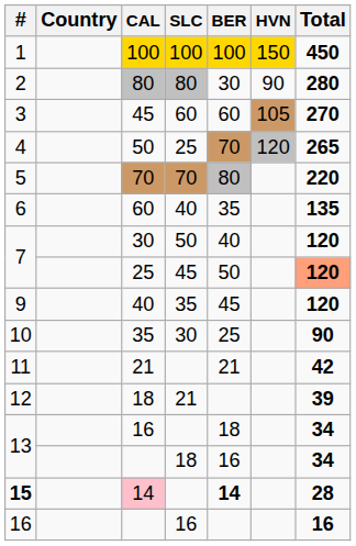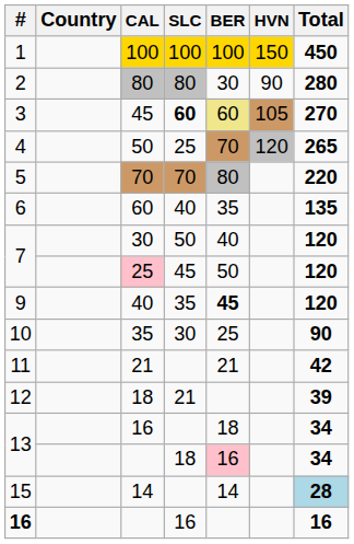 <table class="wikitable sortable" style="text-align:center;">
 <tr>
 <th>#</th>
 <th>Country</th>
 <th><small>CAL</small></th>
 <th><small>SLC</small></th>
 <th><small>BER</small></th>
 <th><small>HVN</small></th>
 <th>Total</th>
 </tr>
 <tr>
 <td>1</td>
 <td align=left></td>
 <td bgcolor=gold>100</td>
 <td bgcolor=gold>100</td>
 <td bgcolor=gold>100</td>
 <td bgcolor=gold>150</td>
 <td><strong>450</strong></td>
 </tr>
 <tr>
 <td>2</td>
 <td align=left></td>
 <td bgcolor=silver>80</td>
 <td bgcolor=silver>80</td>
 <td>30</td>
 <td>90</td>
 <td><strong>280</strong></td>
 </tr>
 <tr>
 <td>3</td>
 <td align=left></td>
 <td>45</td>
-<td>60</td>
-<td>60</td>
+<td><strong>60</strong></td>
+<td style="background: khaki;">60</td>
 <td bgcolor=cc9966>105</td>
 <td><strong>270</strong></td>
 </tr>
 <tr>
 <td>4</td>
 <td align=left></td>
 <td>50</td>
 <td>25</td>
 <td bgcolor=cc9966>70</td>
 <td bgcolor=silver>120</td>
 <td><strong>265</strong></td>
 </tr>
 <tr>
 <td>5</td>
 <td align=left></td>
 <td bgcolor=cc9966>70</td>
 <td bgcolor=cc9966>70</td>
 <td bgcolor=silver>80</td>
 <td></td>
 <td><strong>220</strong></td>
 </tr>
 <tr>
 <td>6</td>
 <td align=left></td>
 <td>60</td>
 <td>40</td>
 <td>35</td>
 <td></td>
 <td><strong>135</strong></td>
 </tr>
 <tr>
 <td rowspan=2>7</td>
 <td align=left></td>
 <td>30</td>
 <td>50</td>
 <td>40</td>
 <td></td>
 <td><strong>120</strong></td>
 </tr>
 <tr>
 <td align=left></td>
-<td>25</td>
+<td style="background: pink;">25</td>
 <td>45</td>
 <td>50</td>
 <td></td>
-<td style="background: lightsalmon;"><strong>120</strong></td>
+<td><strong>120</strong></td>
 </tr>
 <tr>
 <td>9</td>
 <td align=left></td>
 <td>40</td>
 <td>35</td>
-<td>45</td>
+<td><strong>45</strong></td>
 <td></td>
 <td><strong>120</strong></td>
 </tr>
 <tr>
 <td>10</td>
 <td align=left></td>
 <td>35</td>
 <td>30</td>
 <td>25</td>
 <td></td>
 <td><strong>90</strong></td>
 </tr>
 <tr>
 <td>11</td>
 <td align=left></td>
 <td>21</td>
 <td></td>
 <td>21</td>
 <td></td>
 <td><strong>42</strong></td>
 </tr>
 <tr>
 <td>12</td>
 <td align=left></td>
 <td>18</td>
 <td>21</td>
 <td></td>
 <td></td>
 <td><strong>39</strong></td>
 </tr>
 <tr>
 <td rowspan=2>13</td>
 <td align=left></td>
 <td>16</td>
 <td></td>
 <td>18</td>
 <td></td>
 <td><strong>34</strong></td>
 </tr>
 <tr>
 <td align=left></td>
 <td></td>
 <td>18</td>
-<td>16</td>
+<td style="background: pink;">16</td>
 <td></td>
 <td><strong>34</strong></td>
 </tr>
 <tr>
-<td><strong>15</strong></td>
+<td>15</td>
 <td align=left></td>
-<td style="background: pink;">14</td>
+<td>14</td>
 <td></td>
-<td><strong>14</strong></td>
+<td>14</td>
 <td></td>
-<td><strong>28</strong></td>
+<td style="background: lightblue;"><strong>28</strong></td>
 </tr>
 <tr>
-<td>16</td>
+<td><strong>16</strong></td>
 <td align=left></td>
 <td></td>
 <td>16</td>
 <td></td>
 <td></td>
 <td><strong>16</strong></td>
 </tr>
 </table>
